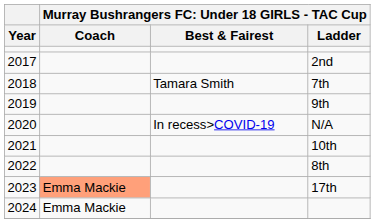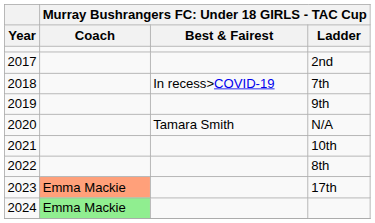 <table class="wikitable collapsible collapsed">
 <tr>
 <th></th>
 <th colspan=9>Murray Bushrangers FC: Under 18 <strong>GIRLS</strong> - TAC Cup</th>
 </tr>
 <tr>
 <th>Year</th>
 <th>Coach</th>
 <th>Best & Fairest</th>
 <th>Ladder</th>
 </tr>
 <tr>
 <td></td>
 <td></td>
 <td></td>
 <td></td>
 </tr>
 <tr>
 <td>2017</td>
 <td></td>
 <td></td>
 <td>2nd</td>
 </tr>
 <tr>
 <td>2018</td>
 <td></td>
-<td>Tamara Smith</td>
+<td>In recess><a href='#'>COVID-19</a></td>
 <td>7th</td>
 </tr>
 <tr>
 <td>2019</td>
 <td></td>
 <td></td>
 <td>9th</td>
 </tr>
 <tr>
 <td>2020</td>
 <td></td>
-<td>In recess><a href='#'>COVID-19</a></td>
+<td>Tamara Smith</td>
 <td>N/A</td>
 </tr>
 <tr>
 <td>2021</td>
 <td></td>
 <td></td>
 <td>10th</td>
 </tr>
 <tr>
 <td>2022</td>
 <td></td>
 <td></td>
 <td>8th</td>
 </tr>
 <tr>
 <td>2023</td>
 <td style="background: lightsalmon;">Emma Mackie</td>
 <td></td>
 <td>17th</td>
 </tr>
 <tr>
 <td>2024</td>
-<td>Emma Mackie</td>
+<td style="background: lightgreen;">Emma Mackie</td>
 <td></td>
 <td></td>
 </tr>
 <tr>
 </tr>
 </table>
